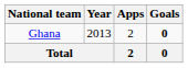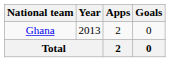 <table class=wikitable style=text-align:center>
 <tr>
 <th>National team</th>
 <th>Year</th>
 <th>Apps</th>
 <th>Goals</th>
 </tr>
 <tr>
 <td rowspan="1"><a href='#'>Ghana</a></td>
 <td>2013</td>
 <td>2</td>
-<td><strong>0</strong></td>
+<td>0</td>
 </tr>
 <tr>
 <th colspan="2">Total</th>
 <th>2</th>
 <th>0</th>
 </tr>
 </table>
